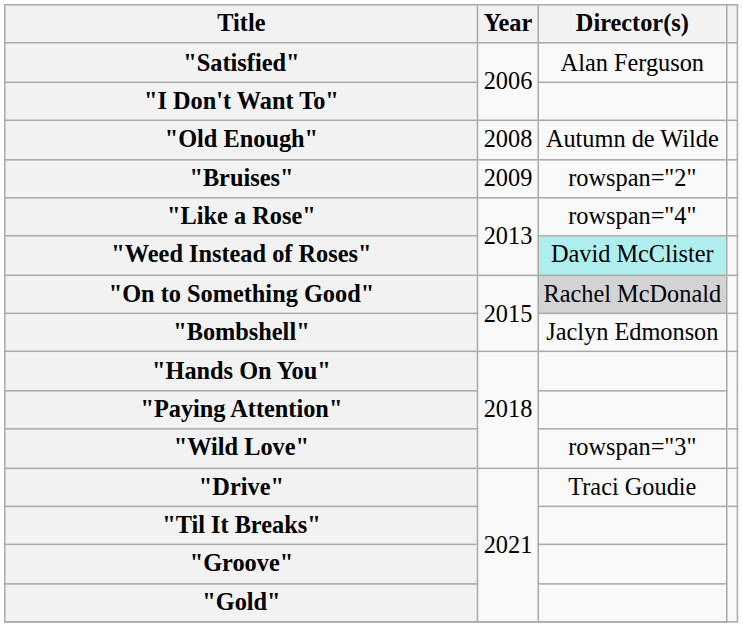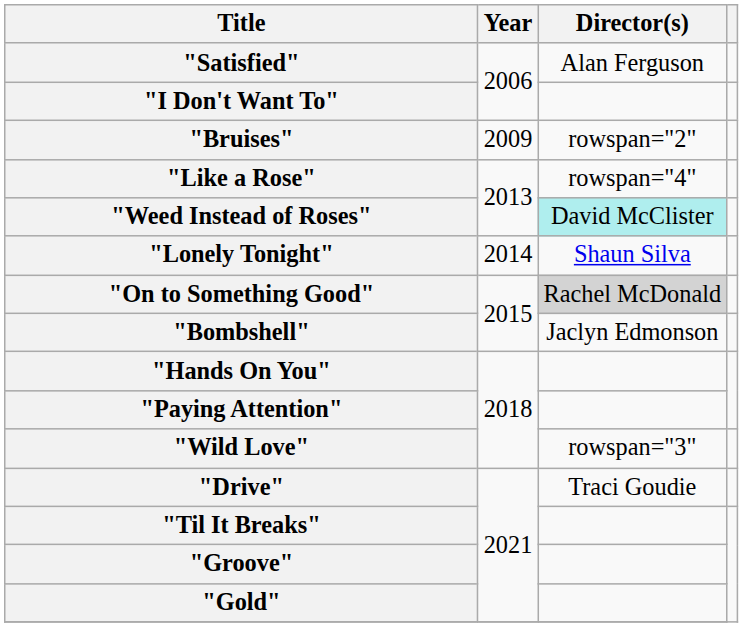 <table class="wikitable plainrowheaders" style="text-align:center;">
 <tr>
 <th scope="col" style="width:19em;">Title</th>
 <th scope="col">Year</th>
 <th scope="col">Director(s)</th>
 <th></th>
 </tr>
 <tr>
 <th scope="row">"Satisfied"</th>
 <td rowspan="2">2006</td>
 <td>Alan Ferguson</td>
 <td align="center"></td>
 </tr>
 <tr>
 <th scope="row">"I Don't Want To" </th>
 <td align="center"></td>
 </tr>
 <tr>
-<th scope="row">"Old Enough"<br></th>
-<td>2008</td>
-<td>Autumn de Wilde</td>
-<td align="center"></td>
-</tr>
-<tr>
 <th scope="row">"Bruises"<br></th>
 <td>2009</td>
 <td>rowspan="2" </td>
 <td align="center"></td>
 </tr>
 <tr>
 <th scope="row">"Like a Rose"</th>
 <td rowspan="2">2013</td>
 <td>rowspan="4" </td>
 <td align="center"></td>
 </tr>
 <tr>
 <th scope="row">"Weed Instead of Roses"</th>
 <td style="background: paleturquoise;">David McClister</td>
+<td align="center"></td>
+</tr>
+<tr>
+<th scope="row">"Lonely Tonight"<br></th>
+<td>2014</td>
+<td><a href='#'>Shaun Silva</a></td>
 <td align="center"></td>
 </tr>
 <tr>
 <th scope="row">"On to Something Good"</th>
 <td rowspan="2">2015</td>
 <td style="background: lightgrey;">Rachel McDonald</td>
 <td align="center"></td>
 </tr>
 <tr>
 <th scope="row">"Bombshell"</th>
 <td>Jaclyn Edmonson</td>
 <td align="center"></td>
 </tr>
 <tr>
 <th scope="row">"Hands On You"</th>
 <td rowspan="3">2018</td>
 <td align="center"></td>
 </tr>
 <tr>
 <th scope="row">"Paying Attention"</th>
 <td align="center"></td>
 </tr>
 <tr>
 <th scope="row">"Wild Love"</th>
 <td>rowspan="3" </td>
 <td align="center"></td>
 </tr>
 <tr>
 <th scope="row">"Drive"</th>
 <td rowspan="4">2021</td>
 <td>Traci Goudie</td>
 <td align="center"></td>
 </tr>
 <tr>
 <th scope="row">"Til It Breaks"</th>
 <td align="center"></td>
 </tr>
 <tr>
 <th scope="row">"Groove"</th>
 <td align="center"></td>
 </tr>
 <tr>
 <th scope="row">"Gold"</th>
 <td align="center"></td>
 </tr>
 <tr>
 </tr>
 </table>
